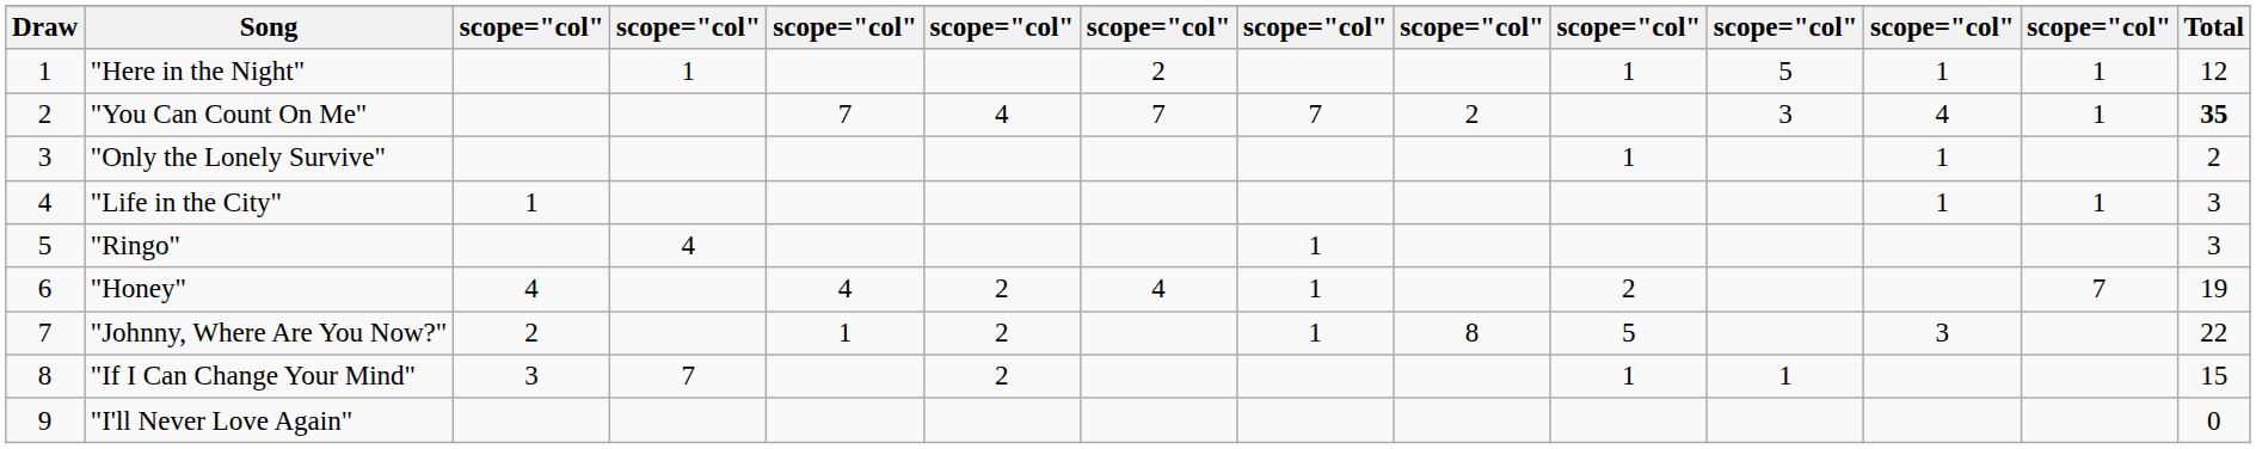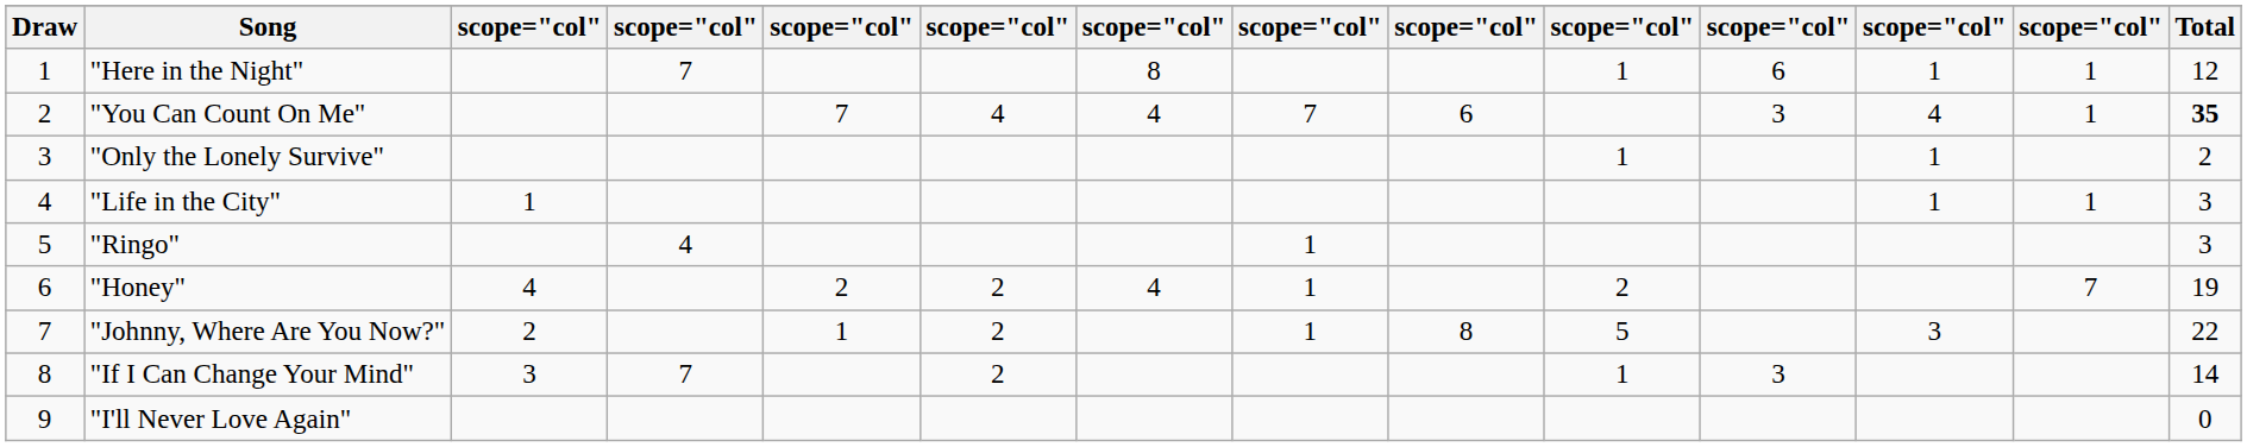 <table class="wikitable plainrowheaders" style="margin: 1em auto 1em auto; text-align:center;">
 <tr>
 </tr>
 <tr>
 <th scope="col">Draw</th>
 <th scope="col">Song</th>
 <th>scope="col"</th>
 <th>scope="col"</th>
 <th>scope="col"</th>
 <th>scope="col"</th>
 <th>scope="col"</th>
 <th>scope="col"</th>
 <th>scope="col"</th>
 <th>scope="col"</th>
 <th>scope="col"</th>
 <th>scope="col"</th>
 <th>scope="col"</th>
 <th scope="col">Total</th>
 </tr>
 <tr --->
 <td>1</td>
 <td align="left">"Here in the Night"</td>
 <td></td>
-<td>1</td>
+<td>7</td>
 <td></td>
 <td></td>
-<td>2</td>
+<td>8</td>
 <td></td>
 <td></td>
 <td>1</td>
-<td>5</td>
+<td>6</td>
 <td>1</td>
 <td>1</td>
 <td>12</td>
 </tr>
 <tr --->
 <td>2</td>
 <td align="left">"You Can Count On Me"</td>
 <td></td>
 <td></td>
 <td>7</td>
 <td>4</td>
+<td>4</td>
 <td>7</td>
-<td>7</td>
-<td>2</td>
+<td>6</td>
 <td></td>
 <td>3</td>
 <td>4</td>
 <td>1</td>
 <td><strong>35</strong></td>
 </tr>
 <tr --->
 <td>3</td>
 <td align="left">"Only the Lonely Survive"</td>
 <td></td>
 <td></td>
 <td></td>
 <td></td>
 <td></td>
 <td></td>
 <td></td>
 <td>1</td>
 <td></td>
 <td>1</td>
 <td></td>
 <td>2</td>
 </tr>
 <tr --->
 <td>4</td>
 <td align="left">"Life in the City"</td>
 <td>1</td>
 <td></td>
 <td></td>
 <td></td>
 <td></td>
 <td></td>
 <td></td>
 <td></td>
 <td></td>
 <td>1</td>
 <td>1</td>
 <td>3</td>
 </tr>
 <tr --->
 <td>5</td>
 <td align="left">"Ringo"</td>
 <td></td>
 <td>4</td>
 <td></td>
 <td></td>
 <td></td>
 <td>1</td>
 <td></td>
 <td></td>
 <td></td>
 <td></td>
 <td></td>
 <td>3</td>
 </tr>
 <tr --->
 <td>6</td>
 <td align="left">"Honey"</td>
 <td>4</td>
 <td></td>
-<td>4</td>
+<td>2</td>
 <td>2</td>
 <td>4</td>
 <td>1</td>
 <td></td>
 <td>2</td>
 <td></td>
 <td></td>
 <td>7</td>
 <td>19</td>
 </tr>
 <tr --->
 <td>7</td>
 <td align="left">"Johnny, Where Are You Now?"</td>
 <td>2</td>
 <td></td>
 <td>1</td>
 <td>2</td>
 <td></td>
 <td>1</td>
 <td>8</td>
 <td>5</td>
 <td></td>
 <td>3</td>
 <td></td>
 <td>22</td>
 </tr>
 <tr --->
 <td>8</td>
 <td align="left">"If I Can Change Your Mind"</td>
 <td>3</td>
 <td>7</td>
 <td></td>
 <td>2</td>
 <td></td>
 <td></td>
 <td></td>
 <td>1</td>
-<td>1</td>
+<td>3</td>
 <td></td>
 <td></td>
-<td>15</td>
+<td>14</td>
 </tr>
 <tr --->
 <td>9</td>
 <td align="left">"I'll Never Love Again"</td>
 <td></td>
 <td></td>
 <td></td>
 <td></td>
 <td></td>
 <td></td>
 <td></td>
 <td></td>
 <td></td>
 <td></td>
 <td></td>
 <td>0</td>
 </tr>
 </table>
